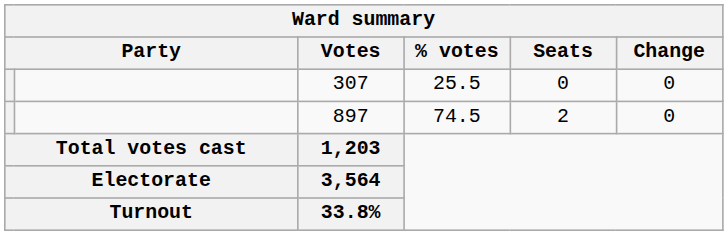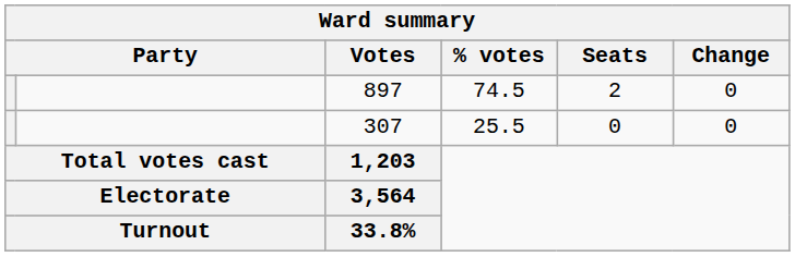 <table class="wikitable" style="font-size: 95%;">
 <tr style="background-color:#E9E9E9">
 <th colspan="6">Ward summary</th>
 </tr>
 <tr style="background-color:#E9E9E9">
 <th colspan="2">Party</th>
 <th style="width: 60px">Votes</th>
 <th style="width: 60px">% votes</th>
 <th style="width: 60px">Seats</th>
 <th style="width: 60px">Change</th>
 </tr>
 <tr>
 <th style="background-color: "></th>
 <td style="width: 170px"><a href='#'></a></td>
-<td align="center">307</td>
-<td align="center">25.5</td>
-<td align="center">0</td>
+<td align="center">897</td>
+<td align="center">74.5</td>
+<td align="center">2</td>
 <td align="center">0</td>
 </tr>
 <tr>
 <th style="background-color: "></th>
 <td style="width: 170px"><a href='#'></a></td>
-<td align="center">897</td>
-<td align="center">74.5</td>
-<td align="center">2</td>
+<td align="center">307</td>
+<td align="center">25.5</td>
+<td align="center">0</td>
 <td align="center">0</td>
 </tr>
 <tr style="background-color:#E9E9E9">
 <th colspan="2">Total votes cast</th>
 <th style="width: 60px">1,203</th>
 </tr>
 <tr style="background-color:#E9E9E9">
 <th colspan="2">Electorate</th>
 <th style="width: 60px">3,564</th>
 </tr>
 <tr style="background-color:#E9E9E9">
 <th colspan="2">Turnout</th>
 <th style="width: 60px">33.8%</th>
 </tr>
 </table>
